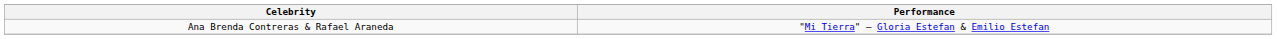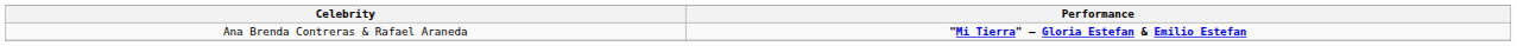 <table class="wikitable" style="text-align:center; width:90%;">
 <tr>
 </tr>
 <tr>
 <th>Celebrity</th>
 <th>Performance</th>
 </tr>
 <tr>
 <td>Ana Brenda Contreras & Rafael Araneda</td>
-<td>"<a href='#'>Mi Tierra</a>" – <a href='#'>Gloria Estefan</a> & <a href='#'>Emilio Estefan</a></td>
+<td><strong>"<a href='#'>Mi Tierra</a>" – <a href='#'>Gloria Estefan</a> & <a href='#'>Emilio Estefan</a></strong></td>
 </tr>
 <tr>
 </tr>
 </table>
